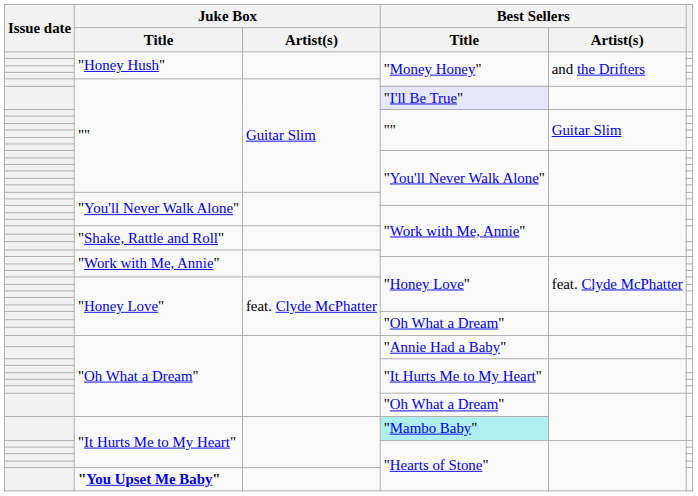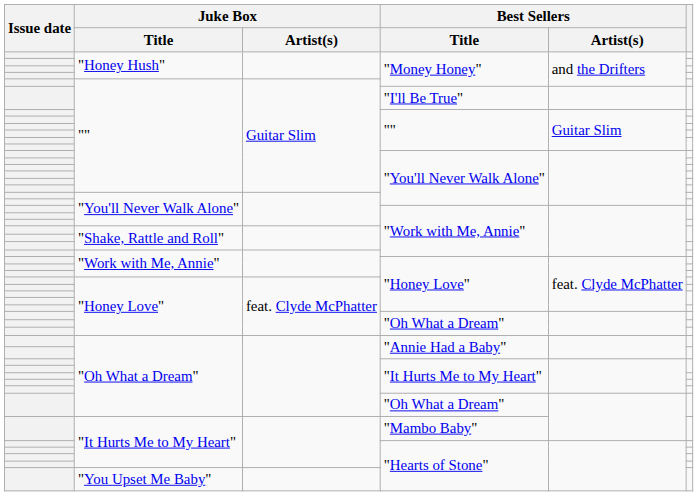 <table class="wikitable sortable plainrowheaders">
 <tr>
 <th scope=col rowspan=2>Issue date</th>
 <th scope=colgroup colspan=2>Juke Box</th>
 <th scope=colgroup colspan=2>Best Sellers</th>
 <th scope=col rowspan=2 class=unsortable></th>
 </tr>
 <tr>
 <th scope=col>Title</th>
 <th scope=col>Artist(s)</th>
 <th scope=col>Title</th>
 <th scope=col>Artist(s)</th>
 </tr>
 <tr>
 <th scope=row></th>
 <td rowspan=4>"<a href='#'>Honey Hush</a>"</td>
 <td rowspan=4></td>
 <td rowspan=5>"<a href='#'>Money Honey</a>"</td>
 <td rowspan=5> and <a href='#'>the Drifters</a></td>
 <td align=center></td>
 </tr>
 <tr>
 <th scope=row></th>
 <td align=center></td>
 </tr>
 <tr>
 <th scope=row></th>
 <td align=center></td>
 </tr>
 <tr>
 <th scope=row></th>
 <td align=center></td>
 </tr>
 <tr>
 <th scope=row></th>
 <td rowspan=14>""</td>
 <td rowspan=14><a href='#'>Guitar Slim</a></td>
 <td align=center></td>
 </tr>
 <tr>
 <th scope=row></th>
-<td style="background: lavender;">"<a href='#'>I'll Be True</a>"</td>
+<td>"<a href='#'>I'll Be True</a>"</td>
 <td></td>
 <td align=center></td>
 </tr>
 <tr>
 <th scope=row></th>
 <td rowspan=6>""</td>
 <td rowspan=6><a href='#'>Guitar Slim</a></td>
 <td align=center></td>
 </tr>
 <tr>
 <th scope=row></th>
 <td align=center></td>
 </tr>
 <tr>
 <th scope=row></th>
 <td align=center></td>
 </tr>
 <tr>
 <th scope=row></th>
 <td align=center></td>
 </tr>
 <tr>
 <th scope=row></th>
 <td align=center rowspan=2></td>
 </tr>
 <tr>
 <th scope=row></th>
 </tr>
 <tr>
 <th scope=row></th>
 <td rowspan=8>"<a href='#'>You'll Never Walk Alone</a>"</td>
 <td rowspan=8></td>
 <td align=center></td>
 </tr>
 <tr>
 <th scope=row></th>
 <td align=center></td>
 </tr>
 <tr>
 <th scope=row></th>
 <td align=center></td>
 </tr>
 <tr>
 <th scope=row></th>
 <td align=center></td>
 </tr>
 <tr>
 <th scope=row></th>
 <td align=center></td>
 </tr>
 <tr>
 <th scope=row></th>
 <td align=center></td>
 </tr>
 <tr>
 <th scope=row></th>
 <td rowspan=5>"<a href='#'>You'll Never Walk Alone</a>"</td>
 <td rowspan=5></td>
 <td align=center></td>
 </tr>
 <tr>
 <th scope=row></th>
 <td align=center></td>
 </tr>
 <tr>
 <th scope=row></th>
 <td rowspan=7>"<a href='#'>Work with Me, Annie</a>"</td>
 <td rowspan=7></td>
 <td align=center rowspan=2></td>
 </tr>
 <tr>
 <th scope=row></th>
 </tr>
 <tr>
 <th scope=row></th>
 <td align=center></td>
 </tr>
 <tr>
 <th scope=row></th>
 <td rowspan=3>"<a href='#'>Shake, Rattle and Roll</a>"</td>
 <td rowspan=3></td>
 <td align=center rowspan=2></td>
 </tr>
 <tr>
 <th scope=row></th>
 </tr>
 <tr>
 <th scope=row></th>
 <td align=center></td>
 </tr>
 <tr>
 <th scope=row></th>
 <td rowspan=4>"<a href='#'>Work with Me, Annie</a>"</td>
 <td rowspan=4></td>
 <td align=center></td>
 </tr>
 <tr>
 <th scope=row></th>
 <td rowspan=8>"<a href='#'>Honey Love</a>"</td>
 <td rowspan=8> feat. <a href='#'>Clyde McPhatter</a></td>
 <td align=center></td>
 </tr>
 <tr>
 <th scope=row></th>
 <td align=center></td>
 </tr>
 <tr>
 <th scope=row></th>
 <td align=center></td>
 </tr>
 <tr>
 <th scope=row></th>
 <td rowspan=8>"<a href='#'>Honey Love</a>"</td>
 <td rowspan=8> feat. <a href='#'>Clyde McPhatter</a></td>
 <td align=center></td>
 </tr>
 <tr>
 <th scope=row></th>
 <td align=center></td>
 </tr>
 <tr>
 <th scope=row></th>
 <td align=center rowspan=2></td>
 </tr>
 <tr>
 <th scope=row></th>
 </tr>
 <tr>
 <th scope=row></th>
 <td align=center></td>
 </tr>
 <tr>
 <th scope=row></th>
 <td rowspan=3>"<a href='#'>Oh What a Dream</a>"</td>
 <td rowspan=3></td>
 <td align=center></td>
 </tr>
 <tr>
 <th scope=row></th>
 <td align=center></td>
 </tr>
 <tr>
 <th scope=row></th>
 <td align=center></td>
 </tr>
 <tr>
 <th scope=row></th>
 <td rowspan=8>"<a href='#'>Oh What a Dream</a>"</td>
 <td rowspan=8></td>
 <td rowspan=2>"<a href='#'>Annie Had a Baby</a>"</td>
 <td rowspan=2></td>
 <td align=center></td>
 </tr>
 <tr>
 <th scope=row></th>
 <td align=center></td>
 </tr>
 <tr>
 <th scope=row></th>
 <td rowspan=5>"<a href='#'>It Hurts Me to My Heart</a>"</td>
 <td rowspan=5></td>
 <td align=center rowspan=2></td>
 </tr>
 <tr>
 <th scope=row></th>
 </tr>
 <tr>
 <th scope=row></th>
 <td align=center></td>
 </tr>
 <tr>
 <th scope=row></th>
 <td align=center></td>
 </tr>
 <tr>
 <th scope=row></th>
 <td align=center></td>
 </tr>
 <tr>
 <th scope=row></th>
 <td rowspan=1>"<a href='#'>Oh What a Dream</a>"</td>
 <td rowspan=2></td>
 <td align=center></td>
 </tr>
 <tr>
 <th scope=row></th>
 <td rowspan=5>"<a href='#'>It Hurts Me to My Heart</a>"</td>
 <td rowspan=5></td>
-<td style="background: paleturquoise;">"<a href='#'>Mambo Baby</a>"</td>
+<td>"<a href='#'>Mambo Baby</a>"</td>
 <td align=center></td>
 </tr>
 <tr>
 <th scope=row></th>
 <td rowspan=5>"<a href='#'>Hearts of Stone</a>"</td>
 <td rowspan=5></td>
 <td align=center></td>
 </tr>
 <tr>
 <th scope=row></th>
 <td align=center></td>
 </tr>
 <tr>
 <th scope=row></th>
 <td align=center></td>
 </tr>
 <tr>
 <th scope=row></th>
 <td align=center></td>
 </tr>
 <tr>
 <th scope=row></th>
-<td><strong>"<a href='#'>You Upset Me Baby</a>"</strong></td>
+<td>"<a href='#'>You Upset Me Baby</a>"</td>
 <td></td>
 <td align=center></td>
 </tr>
 </table>
